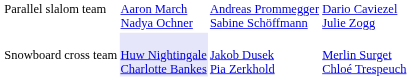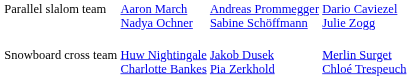 <table>
 <tr>
 <td>Parallel slalom team<br></td>
 <td><br><a href='#'>Aaron March</a><br><a href='#'>Nadya Ochner</a></td>
 <td><br><a href='#'>Andreas Prommegger</a><br><a href='#'>Sabine Schöffmann</a></td>
 <td><br><a href='#'>Dario Caviezel</a><br><a href='#'>Julie Zogg</a></td>
 </tr>
 <tr>
 <td>Snowboard cross team<br></td>
-<td style="background: lavender;"><br><a href='#'>Huw Nightingale</a><br><a href='#'>Charlotte Bankes</a></td>
+<td><br><a href='#'>Huw Nightingale</a><br><a href='#'>Charlotte Bankes</a></td>
 <td><br><a href='#'>Jakob Dusek</a><br><a href='#'>Pia Zerkhold</a></td>
 <td><br><a href='#'>Merlin Surget</a><br><a href='#'>Chloé Trespeuch</a></td>
 </tr>
 </table>
